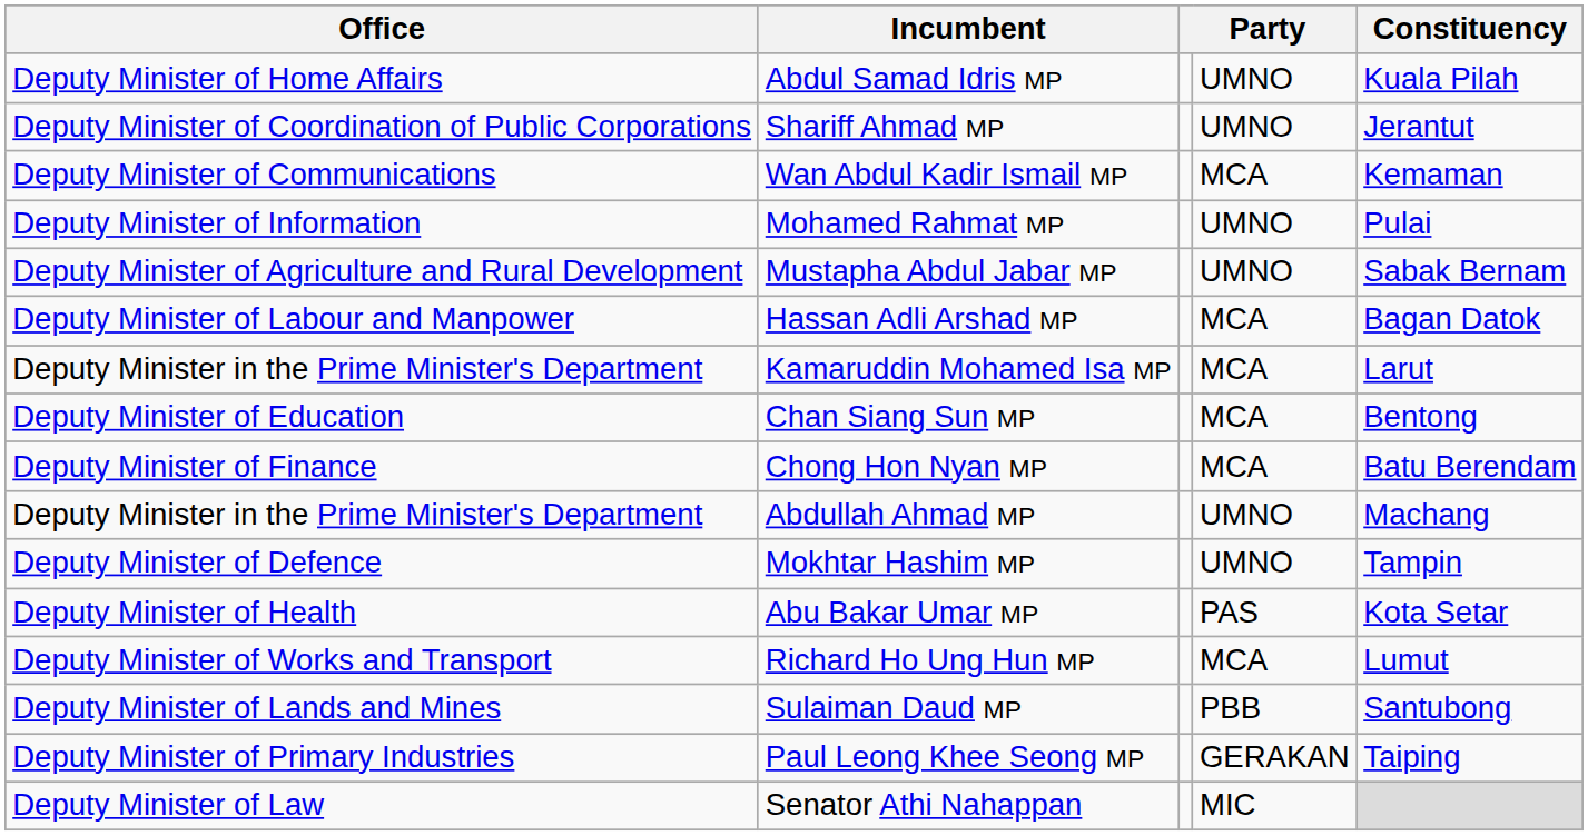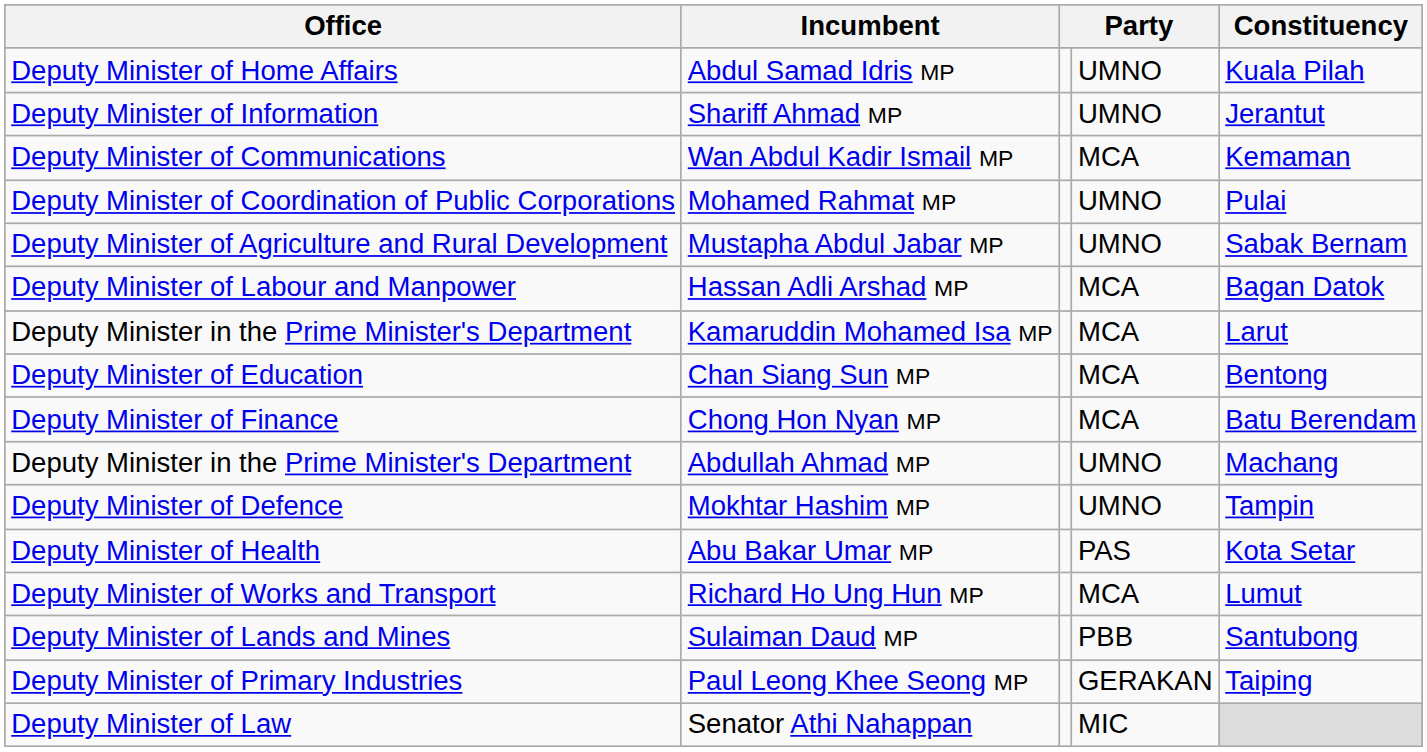 <table class="sortable wikitable">
 <tr>
 <th>Office</th>
 <th>Incumbent</th>
 <th colspan=2>Party</th>
 <th>Constituency</th>
 </tr>
 <tr>
 <td><a href='#'>Deputy Minister of Home Affairs</a></td>
 <td><a href='#'>Abdul Samad Idris</a> <small>MP</small></td>
 <td rowspan=1></td>
 <td>UMNO</td>
 <td><a href='#'>Kuala Pilah</a></td>
 </tr>
 <tr>
-<td><a href='#'>Deputy Minister of Coordination of Public Corporations</a></td>
+<td><a href='#'>Deputy Minister of Information</a></td>
 <td><a href='#'>Shariff Ahmad</a> <small>MP</small></td>
 <td rowspan=1></td>
 <td>UMNO</td>
 <td><a href='#'>Jerantut</a></td>
 </tr>
 <tr>
 <td><a href='#'>Deputy Minister of Communications</a></td>
 <td><a href='#'>Wan Abdul Kadir Ismail</a> <small>MP</small></td>
 <td rowspan=1></td>
 <td>MCA</td>
 <td><a href='#'>Kemaman</a></td>
 </tr>
 <tr>
-<td><a href='#'>Deputy Minister of Information</a></td>
+<td><a href='#'>Deputy Minister of Coordination of Public Corporations</a></td>
 <td><a href='#'>Mohamed Rahmat</a> <small>MP</small></td>
 <td rowspan=1></td>
 <td>UMNO</td>
 <td><a href='#'>Pulai</a></td>
 </tr>
 <tr>
 <td><a href='#'>Deputy Minister of Agriculture and Rural Development</a></td>
 <td><a href='#'>Mustapha Abdul Jabar</a> <small>MP</small></td>
 <td rowspan=1></td>
 <td>UMNO</td>
 <td><a href='#'>Sabak Bernam</a></td>
 </tr>
 <tr>
 <td><a href='#'>Deputy Minister of Labour and Manpower</a></td>
 <td><a href='#'>Hassan Adli Arshad</a> <small>MP</small></td>
 <td rowspan=1></td>
 <td>MCA</td>
 <td><a href='#'>Bagan Datok</a></td>
 </tr>
 <tr>
 <td>Deputy Minister in the <a href='#'>Prime Minister's Department</a></td>
 <td><a href='#'>Kamaruddin Mohamed Isa</a> <small>MP</small></td>
 <td rowspan=1></td>
 <td>MCA</td>
 <td><a href='#'>Larut</a></td>
 </tr>
 <tr>
 <td><a href='#'>Deputy Minister of Education</a></td>
 <td><a href='#'>Chan Siang Sun</a> <small>MP</small></td>
 <td rowspan=1></td>
 <td>MCA</td>
 <td><a href='#'>Bentong</a></td>
 </tr>
 <tr>
 <td><a href='#'>Deputy Minister of Finance</a></td>
 <td><a href='#'>Chong Hon Nyan</a> <small>MP</small></td>
 <td rowspan=1></td>
 <td>MCA</td>
 <td><a href='#'>Batu Berendam</a></td>
 </tr>
 <tr>
 <td>Deputy Minister in the <a href='#'>Prime Minister's Department</a></td>
 <td><a href='#'>Abdullah Ahmad</a> <small>MP</small></td>
 <td rowspan=1></td>
 <td>UMNO</td>
 <td><a href='#'>Machang</a></td>
 </tr>
 <tr>
 <td><a href='#'>Deputy Minister of Defence</a></td>
 <td><a href='#'>Mokhtar Hashim</a> <small>MP</small></td>
 <td rowspan=1></td>
 <td>UMNO</td>
 <td><a href='#'>Tampin</a></td>
 </tr>
 <tr>
 <td><a href='#'>Deputy Minister of Health</a></td>
 <td><a href='#'>Abu Bakar Umar</a> <small>MP</small></td>
 <td rowspan=1></td>
 <td>PAS</td>
 <td><a href='#'>Kota Setar</a></td>
 </tr>
 <tr>
 <td><a href='#'>Deputy Minister of Works and Transport</a></td>
 <td><a href='#'>Richard Ho Ung Hun</a> <small>MP</small></td>
 <td rowspan=1></td>
 <td>MCA</td>
 <td><a href='#'>Lumut</a></td>
 </tr>
 <tr>
 <td><a href='#'>Deputy Minister of Lands and Mines</a></td>
 <td><a href='#'>Sulaiman Daud</a> <small>MP</small></td>
 <td rowspan=1></td>
 <td>PBB</td>
 <td><a href='#'>Santubong</a></td>
 </tr>
 <tr>
 <td><a href='#'>Deputy Minister of Primary Industries</a></td>
 <td><a href='#'>Paul Leong Khee Seong</a> <small>MP</small></td>
 <td rowspan=1></td>
 <td>GERAKAN</td>
 <td><a href='#'>Taiping</a></td>
 </tr>
 <tr>
 <td><a href='#'>Deputy Minister of Law</a></td>
 <td>Senator <a href='#'>Athi Nahappan</a></td>
 <td rowspan=1></td>
 <td>MIC</td>
 <td bgcolor=dcdcdc></td>
 </tr>
 </table>
